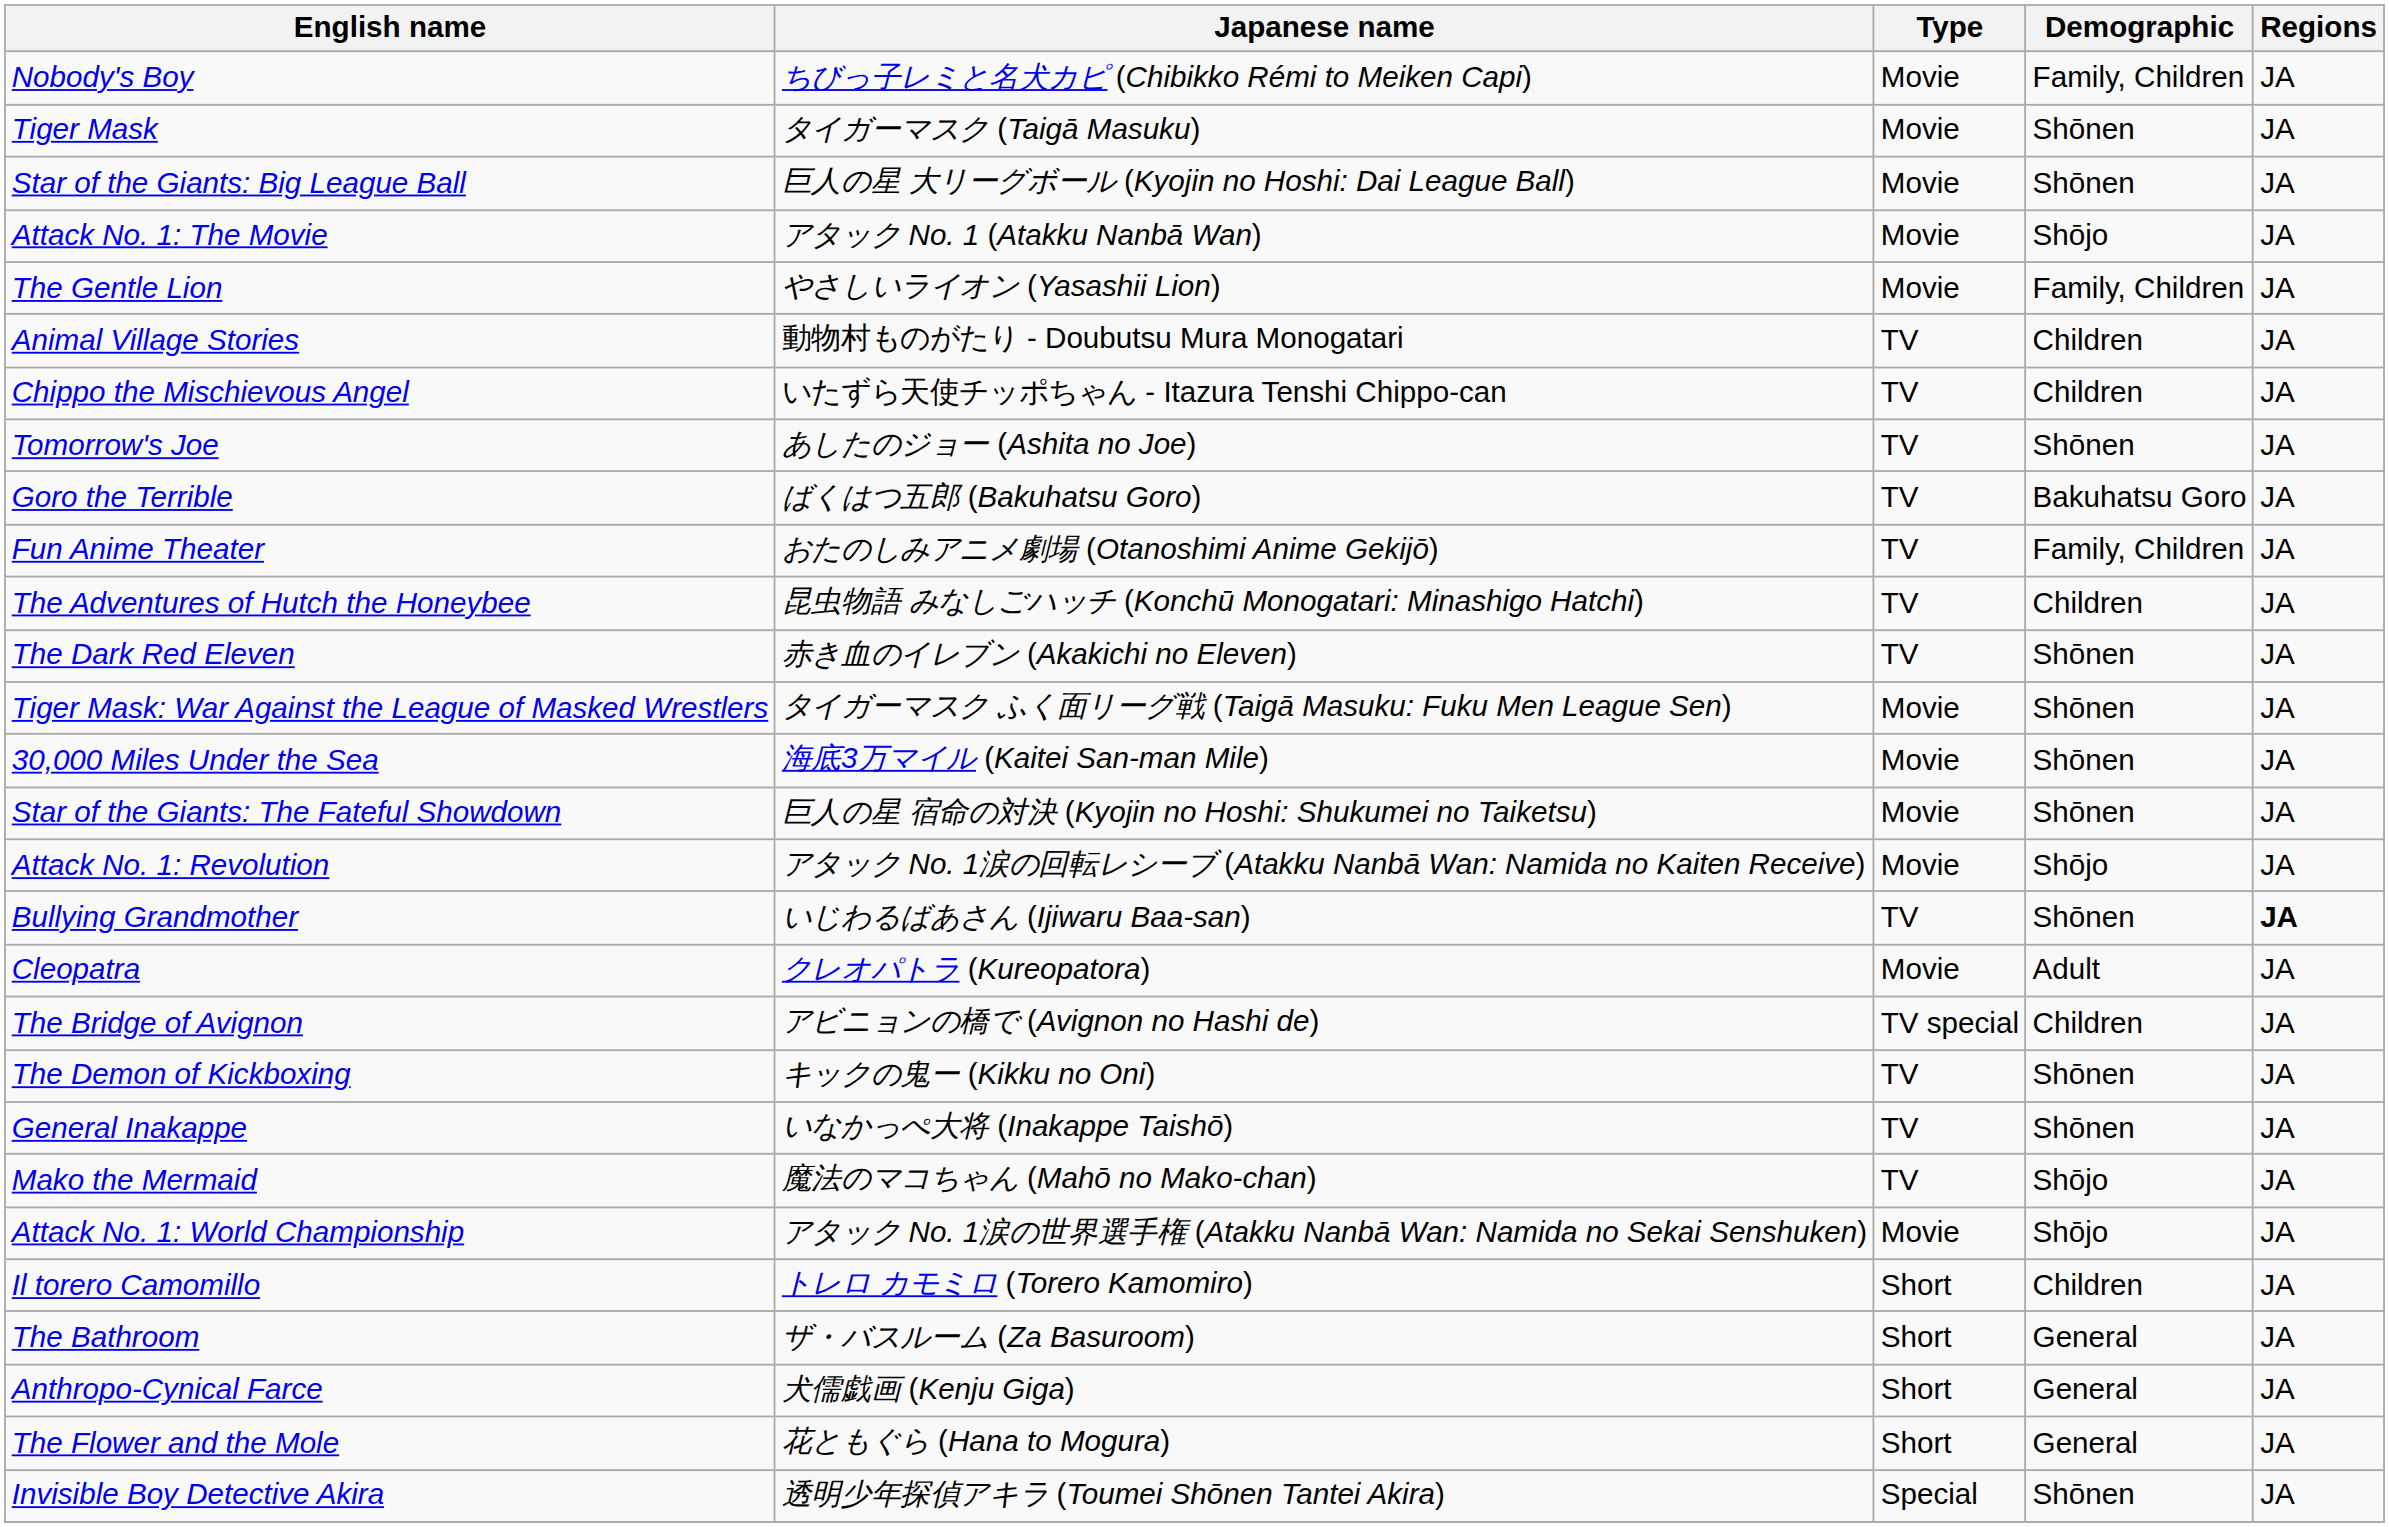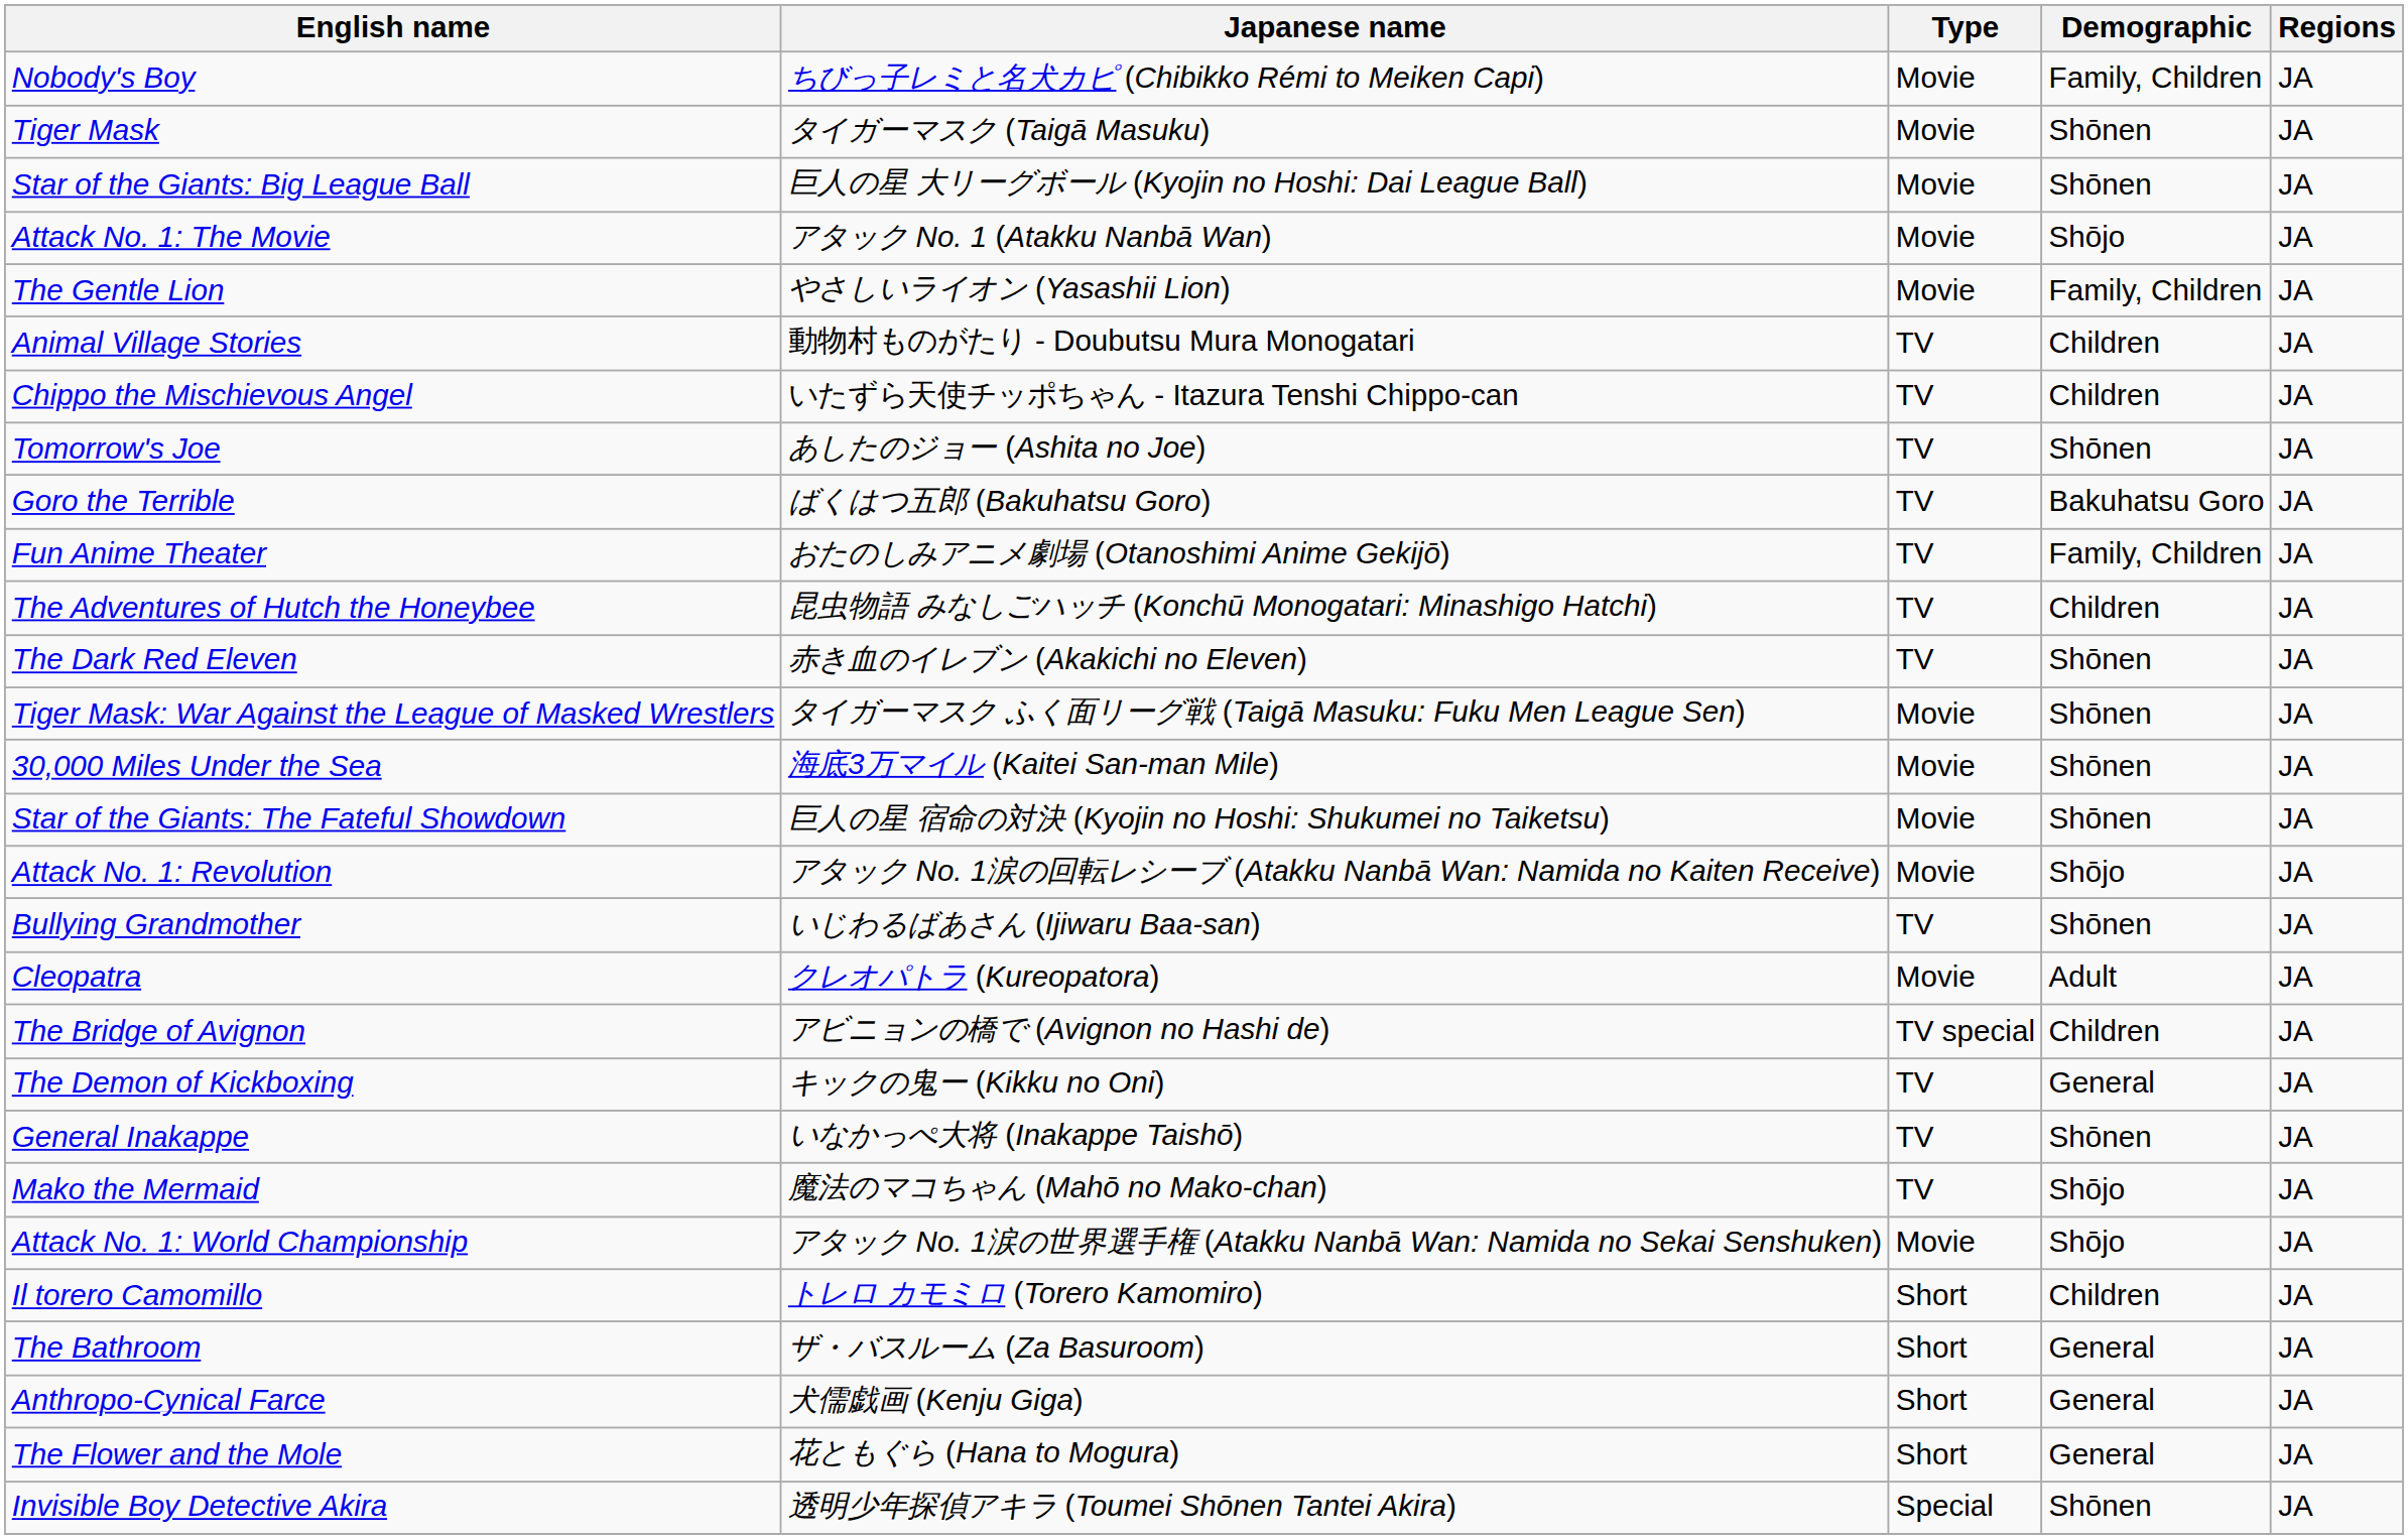 <table class="wikitable sortable" border="1">
 <tr>
 <th>English name</th>
 <th>Japanese name</th>
 <th>Type</th>
 <th>Demographic</th>
 <th>Regions</th>
 </tr>
 <tr>
 <td><em><a href='#'>Nobody's Boy</a></em></td>
 <td><em><a href='#'>ちびっ子レミと名犬カピ</a></em> (<em>Chibikko Rémi to Meiken Capi</em>)</td>
 <td>Movie</td>
 <td>Family, Children</td>
 <td>JA</td>
 </tr>
 <tr>
 <td><em><a href='#'>Tiger Mask</a></em></td>
 <td><em>タイガーマスク</em> (<em>Taigā Masuku</em>)</td>
 <td>Movie</td>
 <td>Shōnen</td>
 <td>JA</td>
 </tr>
 <tr>
 <td><em><a href='#'>Star of the Giants: Big League Ball</a></em></td>
 <td><em>巨人の星 大リーグボール</em> (<em>Kyojin no Hoshi: Dai League Ball</em>)</td>
 <td>Movie</td>
 <td>Shōnen</td>
 <td>JA</td>
 </tr>
 <tr>
 <td><em><a href='#'>Attack No. 1: The Movie</a></em></td>
 <td><em>アタック No. 1</em> (<em>Atakku Nanbā Wan</em>)</td>
 <td>Movie</td>
 <td>Shōjo</td>
 <td>JA</td>
 </tr>
 <tr>
 <td><em><a href='#'>The Gentle Lion</a></em></td>
 <td><em>やさしいライオン</em> (<em>Yasashii Lion</em>)</td>
 <td>Movie</td>
 <td>Family, Children</td>
 <td>JA</td>
 </tr>
 <tr>
 <td><em><a href='#'>Animal Village Stories</a></em></td>
 <td>動物村ものがたり - Doubutsu Mura Monogatari</td>
 <td>TV</td>
 <td>Children</td>
 <td>JA</td>
 </tr>
 <tr>
 <td><em><a href='#'>Chippo the Mischievous Angel</a></em></td>
 <td>いたずら天使チッポちゃん - Itazura Tenshi Chippo-can</td>
 <td>TV</td>
 <td>Children</td>
 <td>JA</td>
 </tr>
 <tr>
 <td><em><a href='#'>Tomorrow's Joe</a></em></td>
 <td><em>あしたのジョー</em> (<em>Ashita no Joe</em>)</td>
 <td>TV</td>
 <td>Shōnen</td>
 <td>JA</td>
 </tr>
 <tr>
 <td><em><a href='#'>Goro the Terrible</a></em></td>
 <td><em>ばくはつ五郎</em> (<em>Bakuhatsu Goro</em>)</td>
 <td>TV</td>
 <td>Bakuhatsu Goro</td>
 <td>JA</td>
 </tr>
 <tr>
 <td><em><a href='#'>Fun Anime Theater</a></em></td>
 <td><em>おたのしみアニメ劇場</em> (<em>Otanoshimi Anime Gekijō</em>)</td>
 <td>TV</td>
 <td>Family, Children</td>
 <td>JA</td>
 </tr>
 <tr>
 <td><em><a href='#'>The Adventures of Hutch the Honeybee</a></em></td>
 <td><em>昆虫物語 みなしごハッチ</em> (<em>Konchū Monogatari: Minashigo Hatchi</em>)</td>
 <td>TV</td>
 <td>Children</td>
 <td>JA</td>
 </tr>
 <tr>
 <td><em><a href='#'>The Dark Red Eleven</a></em></td>
 <td><em>赤き血のイレブン</em> (<em>Akakichi no Eleven</em>)</td>
 <td>TV</td>
 <td>Shōnen</td>
 <td>JA</td>
 </tr>
 <tr>
 <td><em><a href='#'>Tiger Mask: War Against the League of Masked Wrestlers</a></em></td>
 <td><em>タイガーマスク ふく面リーグ戦</em> (<em>Taigā Masuku: Fuku Men League Sen</em>)</td>
 <td>Movie</td>
 <td>Shōnen</td>
 <td>JA</td>
 </tr>
 <tr>
 <td><em><a href='#'>30,000 Miles Under the Sea</a></em></td>
 <td><em><a href='#'>海底3万マイル</a></em> (<em>Kaitei San-man Mile</em>)</td>
 <td>Movie</td>
 <td>Shōnen</td>
 <td>JA</td>
 </tr>
 <tr>
 <td><em><a href='#'>Star of the Giants: The Fateful Showdown</a></em></td>
 <td><em>巨人の星 宿命の対決</em> (<em>Kyojin no Hoshi: Shukumei no Taiketsu</em>)</td>
 <td>Movie</td>
 <td>Shōnen</td>
 <td>JA</td>
 </tr>
 <tr>
 <td><em><a href='#'>Attack No. 1: Revolution</a></em></td>
 <td><em>アタック No. 1涙の回転レシーブ</em> (<em>Atakku Nanbā Wan: Namida no Kaiten Receive</em>)</td>
 <td>Movie</td>
 <td>Shōjo</td>
 <td>JA</td>
 </tr>
 <tr>
 <td><em><a href='#'>Bullying Grandmother</a></em></td>
 <td><em>いじわるばあさん</em> (<em>Ijiwaru Baa-san</em>)</td>
 <td>TV</td>
 <td>Shōnen</td>
-<td><strong>JA</strong></td>
+<td>JA</td>
 </tr>
 <tr>
 <td><em><a href='#'>Cleopatra</a></em></td>
 <td><em><a href='#'>クレオパトラ</a></em> (<em>Kureopatora</em>)</td>
 <td>Movie</td>
 <td>Adult</td>
 <td>JA</td>
 </tr>
 <tr>
 <td><em><a href='#'>The Bridge of Avignon</a></em></td>
 <td><em>アビニョンの橋で</em> (<em>Avignon no Hashi de</em>)</td>
 <td>TV special</td>
 <td>Children</td>
 <td>JA</td>
 </tr>
 <tr>
 <td><em><a href='#'>The Demon of Kickboxing</a></em></td>
 <td><em>キックの鬼ー</em> (<em>Kikku no Oni</em>)</td>
 <td>TV</td>
-<td>Shōnen</td>
+<td>General</td>
 <td>JA</td>
 </tr>
 <tr>
 <td><em><a href='#'>General Inakappe</a></em></td>
 <td><em>いなかっぺ大将</em> (<em>Inakappe Taishō</em>)</td>
 <td>TV</td>
 <td>Shōnen</td>
 <td>JA</td>
 </tr>
 <tr>
 <td><em><a href='#'>Mako the Mermaid</a></em></td>
 <td><em>魔法のマコちゃん</em> (<em>Mahō no Mako-chan</em>)</td>
 <td>TV</td>
 <td>Shōjo</td>
 <td>JA</td>
 </tr>
 <tr>
 <td><em><a href='#'>Attack No. 1: World Championship</a></em></td>
 <td><em>アタック No. 1涙の世界選手権</em> (<em>Atakku Nanbā Wan: Namida no Sekai Senshuken</em>)</td>
 <td>Movie</td>
 <td>Shōjo</td>
 <td>JA</td>
 </tr>
 <tr>
 <td><em><a href='#'>Il torero Camomillo</a></em></td>
 <td><em><a href='#'>トレロ カモミロ</a></em> (<em>Torero Kamomiro</em>)</td>
 <td>Short</td>
 <td>Children</td>
 <td>JA</td>
 </tr>
 <tr>
 <td><em><a href='#'>The Bathroom</a></em></td>
 <td><em>ザ・バスルーム</em> (<em>Za Basuroom</em>)</td>
 <td>Short</td>
 <td>General</td>
 <td>JA</td>
 </tr>
 <tr>
 <td><em><a href='#'>Anthropo-Cynical Farce</a></em></td>
 <td><em>犬儒戯画</em> (<em>Kenju Giga</em>)</td>
 <td>Short</td>
 <td>General</td>
 <td>JA</td>
 </tr>
 <tr>
 <td><em><a href='#'>The Flower and the Mole</a></em></td>
 <td><em>花ともぐら</em> (<em>Hana to Mogura</em>)</td>
 <td>Short</td>
 <td>General</td>
 <td>JA</td>
 </tr>
 <tr>
 <td><em><a href='#'>Invisible Boy Detective Akira</a></em></td>
 <td><em>透明少年探偵アキラ</em> (<em>Toumei Shōnen Tantei Akira</em>)</td>
 <td>Special</td>
 <td>Shōnen</td>
 <td>JA</td>
 </tr>
 <tr>
 </tr>
 </table>
